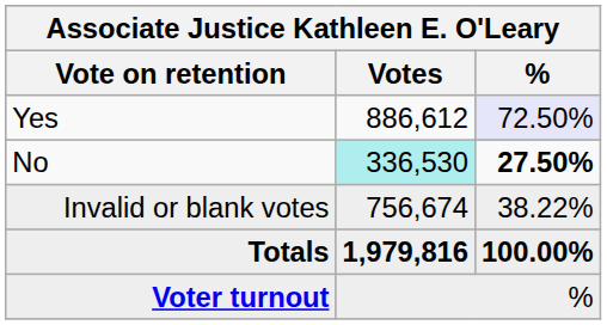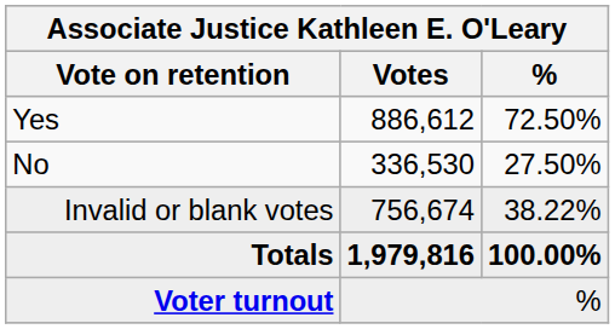 <table class="wikitable" style="font-size: 95%;">
 <tr style="background-color:#E9E9E9">
 <th colspan=7>Associate Justice Kathleen E. O'Leary</th>
 </tr>
 <tr style="background-color:#E9E9E9">
 <th style="width: 170px">Vote on retention</th>
 <th style="width: 50px">Votes</th>
 <th style="width: 40px">%</th>
 </tr>
 <tr>
 <td>Yes</td>
 <td align="right">886,612</td>
-<td align="right" style="background: lavender;">72.50%</td>
+<td align="right">72.50%</td>
 </tr>
 <tr>
 <td>No</td>
-<td align="right" style="background: paleturquoise;">336,530</td>
-<td align="right"><strong>27.50%</strong></td>
+<td align="right">336,530</td>
+<td align="right">27.50%</td>
 </tr>
 <tr bgcolor="#EEEEEE">
 <td align="right">Invalid or blank votes</td>
 <td align="right">756,674</td>
 <td align="right">38.22%</td>
 </tr>
 <tr bgcolor="#EEEEEE">
 <td align="right"><strong>Totals</strong></td>
 <td align="right"><strong>1,979,816</strong></td>
 <td align="right"><strong>100.00%</strong></td>
 </tr>
 <tr bgcolor="#EEEEEE">
 <td align="right"><strong><a href='#'>Voter turnout</a></strong></td>
 <td colspan="2" align="right">%</td>
 </tr>
 </table>
